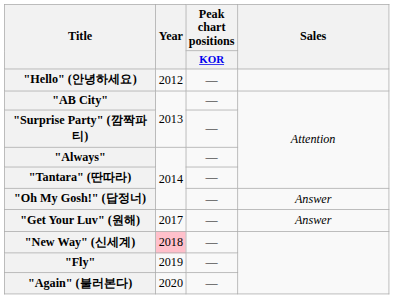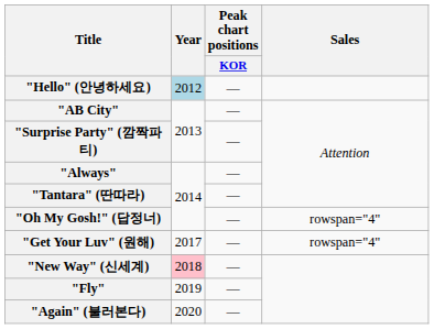 <table class="wikitable plainrowheaders" style="text-align:center;">
 <tr>
 <th rowspan="2" style="width:12em;">Title</th>
 <th rowspan="2">Year</th>
 <th>Peak chart positions</th>
 <th rowspan="2" style="width:12em;">Sales</th>
 </tr>
 <tr>
 <th scope="col" style="width:2.5em;font-size:90%;"><a href='#'>KOR</a></th>
 </tr>
 <tr>
 <th scope="row">"Hello" (안녕하세요)</th>
-<td>2012</td>
+<td style="background: lightblue;">2012</td>
 <td>—</td>
 <td></td>
 </tr>
 <tr>
 <th scope="row">"AB City"</th>
 <td rowspan="2">2013</td>
 <td>—</td>
 <td rowspan="4"><em>Attention</em></td>
 </tr>
 <tr>
 <th scope="row">"Surprise Party" (깜짝파티)</th>
 <td>—</td>
 </tr>
 <tr>
 <th scope="row">"Always"</th>
 <td rowspan="3">2014</td>
 <td>—</td>
 </tr>
 <tr>
 <th scope="row">"Tantara" (딴따라)</th>
 <td>—</td>
 </tr>
 <tr>
 <th scope="row">"Oh My Gosh!" (답정너)</th>
 <td>—</td>
-<td><em>Answer</em></td>
+<td>rowspan="4" </td>
 </tr>
 <tr>
 <th scope="row">"Get Your Luv" (원해)</th>
 <td>2017</td>
 <td>—</td>
-<td><em>Answer</em></td>
+<td>rowspan="4" </td>
 </tr>
 <tr>
 <th scope="row">"New Way" (신세계)</th>
 <td style="background: pink;">2018</td>
 <td>—</td>
 </tr>
 <tr>
 <th scope="row">"Fly"</th>
 <td>2019</td>
 <td>—</td>
 </tr>
 <tr>
 <th scope="row">"Again" (불러본다)</th>
 <td>2020</td>
 <td>—</td>
 </tr>
 </table>
